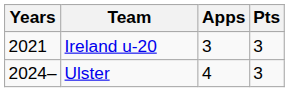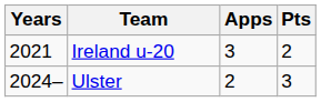 <table class="wikitable" style="text-align:left;">
 <tr>
 <th>Years</th>
 <th width=120px>Team</th>
 <th>Apps</th>
 <th>Pts</th>
 </tr>
 <tr>
 <td>2021</td>
 <td><a href='#'>Ireland u-20</a></td>
 <td>3</td>
-<td>3</td>
+<td>2</td>
 </tr>
 <tr>
 <td>2024–</td>
 <td><a href='#'>Ulster</a></td>
-<td>4</td>
+<td>2</td>
 <td>3</td>
 </tr>
 </table>
